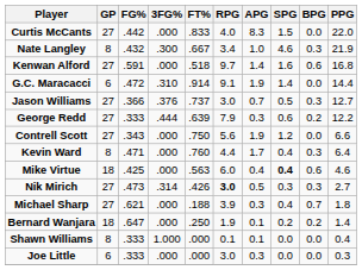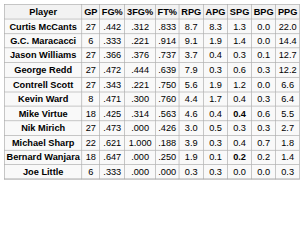 <table class="wikitable sortable" style="font-size: 90%">
 <tr>
 <th>Player</th>
 <th>GP</th>
 <th>FG%</th>
 <th>3FG%</th>
 <th>FT%</th>
 <th>RPG</th>
 <th>APG</th>
 <th>SPG</th>
 <th>BPG</th>
 <th>PPG</th>
 </tr>
 <tr align="center" bgcolor="">
 <td><strong>Curtis McCants</strong></td>
 <td>27</td>
 <td>.442</td>
-<td>.000</td>
+<td>.312</td>
 <td>.833</td>
-<td>4.0</td>
+<td>8.7</td>
 <td>8.3</td>
-<td>1.5</td>
+<td>1.3</td>
 <td>0.0</td>
 <td>22.0</td>
 </tr>
 <tr align="center" bgcolor="">
-<td><strong>Nate Langley</strong></td>
-<td>8</td>
-<td>.432</td>
-<td>.300</td>
-<td>.667</td>
-<td>3.4</td>
-<td>1.0</td>
-<td>4.6</td>
-<td>0.3</td>
-<td>21.9</td>
-</tr>
-<tr align="center" bgcolor="">
-<td><strong>Kenwan Alford</strong></td>
-<td>27</td>
-<td>.591</td>
-<td>.000</td>
-<td>.518</td>
-<td>9.7</td>
-<td>1.4</td>
-<td>1.6</td>
-<td>0.6</td>
-<td>16.8</td>
-</tr>
-<tr align="center" bgcolor="">
 <td><strong>G.C. Maracacci</strong></td>
 <td>6</td>
-<td>.472</td>
-<td>.310</td>
+<td>.333</td>
+<td>.221</td>
 <td>.914</td>
 <td>9.1</td>
 <td>1.9</td>
 <td>1.4</td>
 <td>0.0</td>
 <td>14.4</td>
 </tr>
 <tr align="center" bgcolor="">
 <td><strong>Jason Williams</strong></td>
 <td>27</td>
 <td>.366</td>
 <td>.376</td>
 <td>.737</td>
-<td>3.0</td>
-<td>0.7</td>
-<td>0.5</td>
+<td>3.7</td>
+<td>0.4</td>
 <td>0.3</td>
+<td>0.1</td>
 <td>12.7</td>
 </tr>
 <tr align="center" bgcolor="">
 <td><strong>George Redd</strong></td>
 <td>27</td>
-<td>.333</td>
+<td>.472</td>
 <td>.444</td>
 <td>.639</td>
 <td>7.9</td>
 <td>0.3</td>
 <td>0.6</td>
-<td>0.2</td>
+<td>0.3</td>
 <td>12.2</td>
 </tr>
 <tr align="center" bgcolor="">
 <td><strong>Contrell Scott</strong></td>
 <td>27</td>
 <td>.343</td>
-<td>.000</td>
+<td>.221</td>
 <td>.750</td>
 <td>5.6</td>
 <td>1.9</td>
 <td>1.2</td>
 <td>0.0</td>
 <td>6.6</td>
 </tr>
 <tr align="center" bgcolor="">
 <td><strong>Kevin Ward</strong></td>
 <td>8</td>
 <td>.471</td>
-<td>.000</td>
+<td>.300</td>
 <td>.760</td>
 <td>4.4</td>
 <td>1.7</td>
 <td>0.4</td>
 <td>0.3</td>
 <td>6.4</td>
 </tr>
 <tr align="center" bgcolor="">
 <td><strong>Mike Virtue</strong></td>
 <td>18</td>
 <td>.425</td>
-<td>.000</td>
+<td>.314</td>
 <td>.563</td>
-<td>6.0</td>
+<td>4.6</td>
 <td>0.4</td>
 <td><strong>0.4</strong></td>
 <td>0.6</td>
-<td>4.6</td>
+<td>5.5</td>
 </tr>
 <tr align="center" bgcolor="">
 <td><strong>Nik Mirich</strong></td>
 <td>27</td>
 <td>.473</td>
-<td>.314</td>
+<td>.000</td>
 <td>.426</td>
-<td><strong>3.0</strong></td>
+<td>3.0</td>
 <td>0.5</td>
 <td>0.3</td>
 <td>0.3</td>
 <td>2.7</td>
 </tr>
 <tr align="center" bgcolor="">
 <td><strong>Michael Sharp</strong></td>
-<td>27</td>
+<td>22</td>
 <td>.621</td>
-<td>.000</td>
+<td>1.000</td>
 <td>.188</td>
 <td>3.9</td>
 <td>0.3</td>
 <td>0.4</td>
 <td>0.7</td>
 <td>1.8</td>
 </tr>
 <tr align="center" bgcolor="">
 <td><strong>Bernard Wanjara</strong></td>
 <td>18</td>
 <td>.647</td>
 <td>.000</td>
 <td>.250</td>
 <td>1.9</td>
 <td>0.1</td>
-<td>0.2</td>
+<td><strong>0.2</strong></td>
 <td>0.2</td>
 <td>1.4</td>
-</tr>
-<tr align="center" bgcolor="">
-<td><strong>Shawn Williams</strong></td>
-<td>8</td>
-<td>.333</td>
-<td>1.000</td>
-<td>.000</td>
-<td>0.1</td>
-<td>0.1</td>
-<td>0.0</td>
-<td>0.0</td>
-<td>0.4</td>
 </tr>
 <tr align="center" bgcolor="">
 <td><strong>Joe Little</strong></td>
 <td>6</td>
 <td>.333</td>
 <td>.000</td>
 <td>.000</td>
-<td>3.0</td>
+<td>0.3</td>
 <td>0.3</td>
 <td>0.0</td>
 <td>0.0</td>
 <td>0.3</td>
 </tr>
 <tr align="center" bgcolor="">
 </tr>
 </table>
